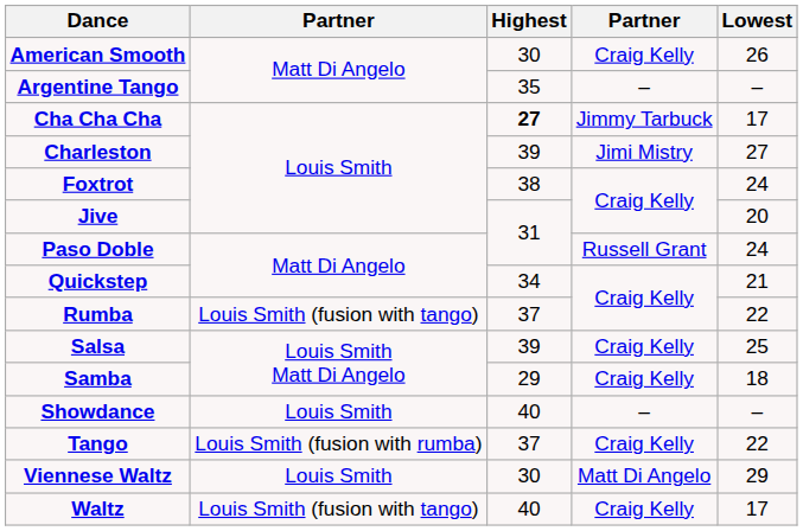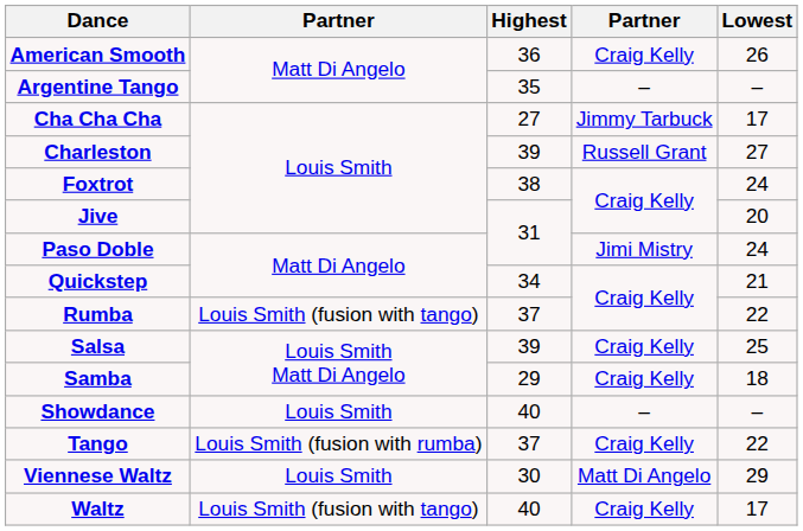 <table class="wikitable sortable collapsed">
 <tr style="text-align:Center; background:#ccc;">
 <th>Dance</th>
 <th>Partner</th>
 <th>Highest</th>
 <th>Partner</th>
 <th>Lowest</th>
 </tr>
 <tr style="text-align: center; background:#faf6f6;">
 <td><strong><a href='#'>American Smooth</a></strong></td>
 <td rowspan="2"><a href='#'>Matt Di Angelo</a></td>
-<td>30</td>
+<td>36</td>
 <td><a href='#'>Craig Kelly</a></td>
 <td>26</td>
 </tr>
 <tr style="text-align: center; background:#faf6f6;">
 <td><strong><a href='#'>Argentine Tango</a></strong></td>
 <td>35</td>
 <td>–</td>
 <td>–</td>
 </tr>
 <tr style="text-align: center; background:#faf6f6;">
 <td><strong><a href='#'>Cha Cha Cha</a></strong></td>
 <td rowspan="4"><a href='#'>Louis Smith</a></td>
-<td><strong>27</strong></td>
+<td>27</td>
 <td><a href='#'>Jimmy Tarbuck</a></td>
 <td>17</td>
 </tr>
 <tr style="text-align: center; background:#faf6f6;">
 <td><strong><a href='#'>Charleston</a></strong></td>
 <td>39</td>
-<td><a href='#'>Jimi Mistry</a></td>
+<td><a href='#'>Russell Grant</a></td>
 <td>27</td>
 </tr>
 <tr style="text-align: center; background:#faf6f6;">
 <td><strong><a href='#'>Foxtrot</a></strong></td>
 <td>38</td>
 <td rowspan="2"><a href='#'>Craig Kelly</a></td>
 <td>24</td>
 </tr>
 <tr style="text-align: center; background:#faf6f6;">
 <td><strong><a href='#'>Jive</a></strong></td>
 <td rowspan="2">31</td>
 <td>20</td>
 </tr>
 <tr style="text-align: center; background:#faf6f6;">
 <td><strong><a href='#'>Paso Doble</a></strong></td>
 <td rowspan="2"><a href='#'>Matt Di Angelo</a></td>
-<td><a href='#'>Russell Grant</a></td>
+<td><a href='#'>Jimi Mistry</a></td>
 <td>24</td>
 </tr>
 <tr style="text-align: center; background:#faf6f6;">
 <td><strong><a href='#'>Quickstep</a></strong></td>
 <td>34</td>
 <td rowspan="2"><a href='#'>Craig Kelly</a></td>
 <td>21</td>
 </tr>
 <tr style="text-align: center; background:#faf6f6;">
 <td><strong><a href='#'>Rumba</a></strong></td>
 <td><a href='#'>Louis Smith</a> (fusion with <a href='#'>tango</a>)</td>
 <td>37</td>
 <td>22</td>
 </tr>
 <tr style="text-align: center; background:#faf6f6;">
 <td><strong><a href='#'>Salsa</a></strong></td>
 <td rowspan="2"><a href='#'>Louis Smith</a><br><a href='#'>Matt Di Angelo</a></td>
 <td>39</td>
 <td><a href='#'>Craig Kelly</a></td>
 <td>25</td>
 </tr>
 <tr style="text-align: center; background:#faf6f6;">
 <td><strong><a href='#'>Samba</a></strong></td>
 <td>29</td>
 <td><a href='#'>Craig Kelly</a></td>
 <td>18</td>
 </tr>
 <tr style="text-align: center; background:#faf6f6;">
 <td><strong><a href='#'>Showdance</a></strong></td>
 <td><a href='#'>Louis Smith</a></td>
 <td>40</td>
 <td>–</td>
 <td>–</td>
 </tr>
 <tr style="text-align: center; background:#faf6f6">
 <td><strong><a href='#'>Tango</a></strong></td>
 <td><a href='#'>Louis Smith</a> (fusion with <a href='#'>rumba</a>)</td>
 <td>37</td>
 <td><a href='#'>Craig Kelly</a></td>
 <td>22</td>
 </tr>
 <tr style="text-align: center; background:#faf6f6;">
 <td><strong><a href='#'>Viennese Waltz</a></strong></td>
 <td><a href='#'>Louis Smith</a></td>
 <td>30</td>
 <td><a href='#'>Matt Di Angelo</a></td>
 <td>29</td>
 </tr>
 <tr style="text-align: center; background:#faf6f6;">
 <td><strong><a href='#'>Waltz</a></strong></td>
 <td><a href='#'>Louis Smith</a> (fusion with <a href='#'>tango</a>)</td>
 <td>40</td>
 <td><a href='#'>Craig Kelly</a></td>
 <td>17</td>
 </tr>
 </table>
